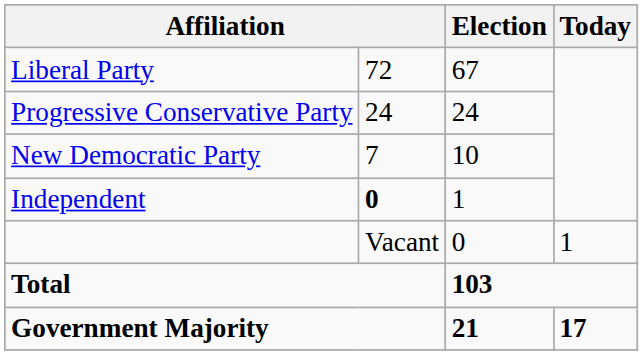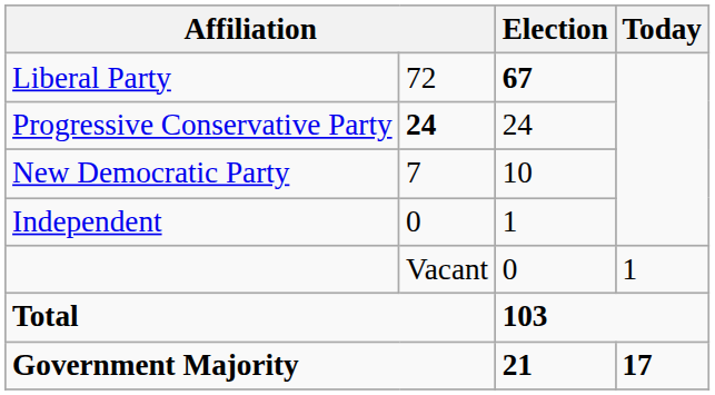 <table class="wikitable">
 <tr>
 <th colspan="2">Affiliation</th>
 <th>Election</th>
 <th>Today</th>
 </tr>
 <tr>
 <td><a href='#'>Liberal Party</a></td>
 <td>72</td>
-<td>67</td>
+<td><strong>67</strong></td>
 </tr>
 <tr>
 <td><a href='#'>Progressive Conservative Party</a></td>
-<td>24</td>
+<td><strong>24</strong></td>
 <td>24</td>
 </tr>
 <tr>
 <td><a href='#'>New Democratic Party</a></td>
 <td>7</td>
 <td>10</td>
 </tr>
 <tr>
 <td><a href='#'>Independent</a></td>
-<td><strong>0</strong></td>
+<td>0</td>
 <td>1</td>
 </tr>
 <tr>
 <td bg color=black></td>
 <td>Vacant</td>
 <td>0</td>
 <td>1</td>
 </tr>
 <tr>
 <td colspan="2" rowspan="1"><strong>Total</strong><br></td>
 <td colspan="2"><strong>103</strong></td>
 </tr>
 <tr>
 <td colspan="2" rowspan="1"><strong>Government Majority</strong><br></td>
 <td><strong>21</strong></td>
 <td><strong>17</strong></td>
 </tr>
 </table>
